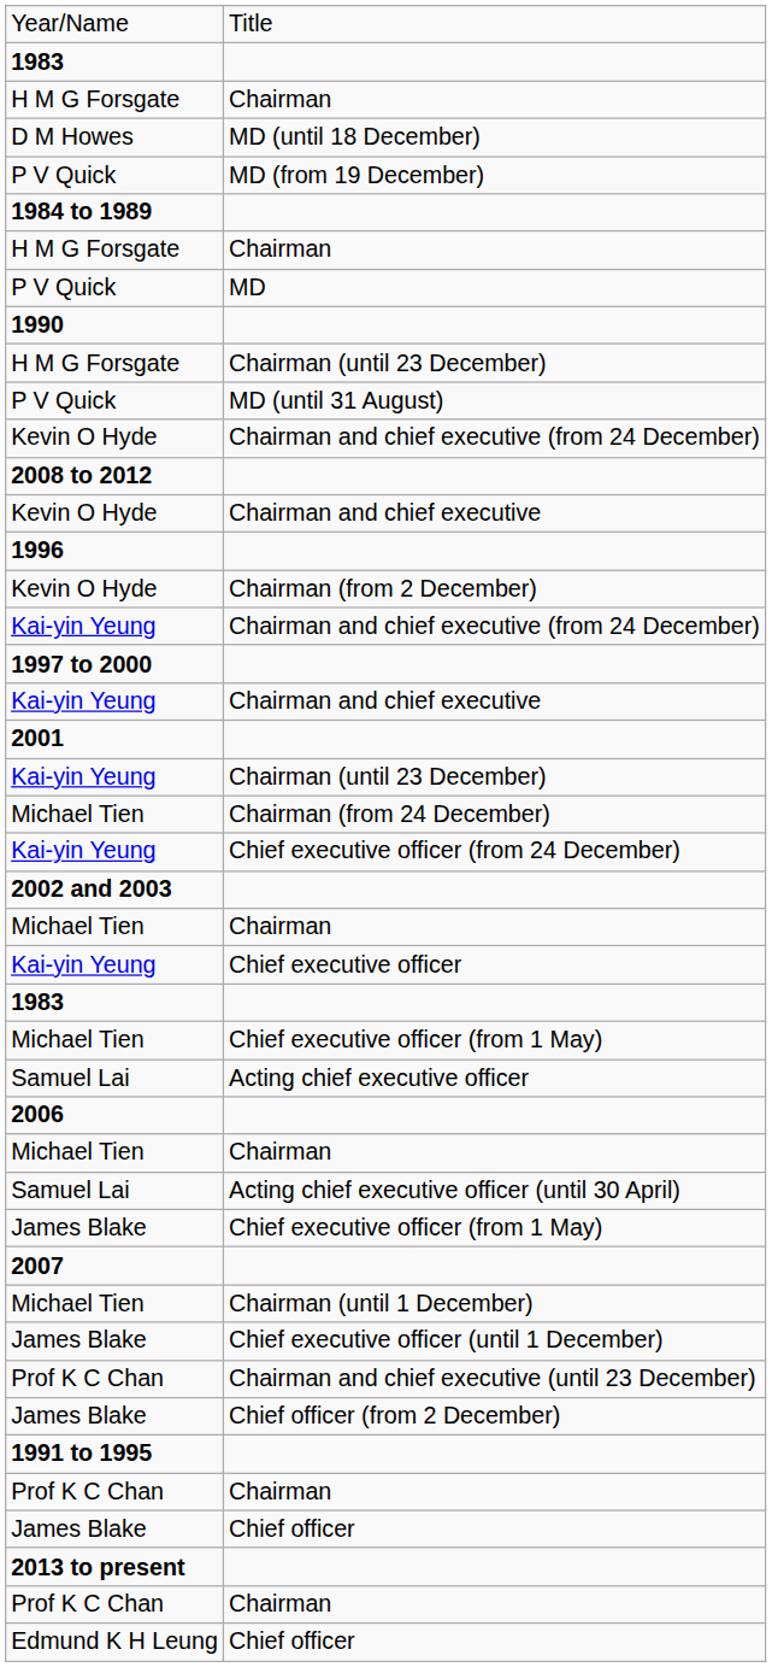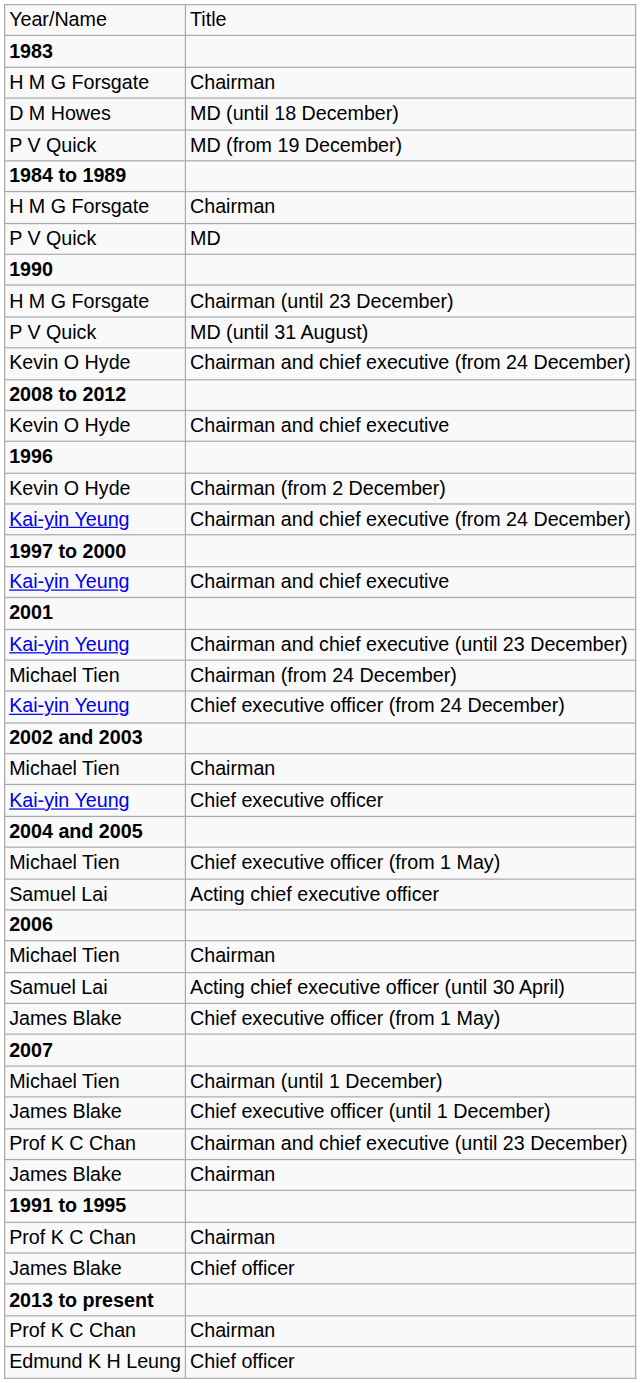 <table class="wikitable">
 <tr>
 <td>Year/Name</td>
 <td>Title</td>
 </tr>
 <tr>
 <td><strong>1983</strong></td>
 <td></td>
 </tr>
 <tr>
 <td>H M G Forsgate</td>
 <td>Chairman</td>
 </tr>
 <tr>
 <td>D M Howes</td>
 <td>MD (until 18 December)</td>
 </tr>
 <tr>
 <td>P V Quick</td>
 <td>MD (from 19 December)</td>
 </tr>
 <tr>
 <td><strong>1984 to 1989</strong></td>
 <td></td>
 </tr>
 <tr>
 <td>H M G Forsgate</td>
 <td>Chairman</td>
 </tr>
 <tr>
 <td>P V Quick</td>
 <td>MD</td>
 </tr>
 <tr>
 <td><strong>1990</strong></td>
 <td></td>
 </tr>
 <tr>
 <td>H M G Forsgate</td>
 <td>Chairman (until 23 December)</td>
 </tr>
 <tr>
 <td>P V Quick</td>
 <td>MD (until 31 August)</td>
 </tr>
 <tr>
 <td>Kevin O Hyde</td>
 <td>Chairman and chief executive (from 24 December)</td>
 </tr>
 <tr>
 <td><strong>2008 to 2012</strong></td>
 <td></td>
 </tr>
 <tr>
 <td>Kevin O Hyde</td>
 <td>Chairman and chief executive</td>
 </tr>
 <tr>
 <td><strong>1996</strong></td>
 <td></td>
 </tr>
 <tr>
 <td>Kevin O Hyde</td>
 <td>Chairman (from 2 December)</td>
 </tr>
 <tr>
 <td><a href='#'>Kai-yin Yeung</a></td>
 <td>Chairman and chief executive (from 24 December)</td>
 </tr>
 <tr>
 <td><strong>1997 to 2000</strong></td>
 <td></td>
 </tr>
 <tr>
 <td><a href='#'>Kai-yin Yeung</a></td>
 <td>Chairman and chief executive</td>
 </tr>
 <tr>
 <td><strong>2001</strong></td>
 <td></td>
 </tr>
 <tr>
 <td><a href='#'>Kai-yin Yeung</a></td>
-<td>Chairman (until 23 December)</td>
+<td>Chairman and chief executive (until 23 December)</td>
 </tr>
 <tr>
 <td>Michael Tien</td>
 <td>Chairman (from 24 December)</td>
 </tr>
 <tr>
 <td><a href='#'>Kai-yin Yeung</a></td>
 <td>Chief executive officer (from 24 December)</td>
 </tr>
 <tr>
 <td><strong>2002 and 2003</strong></td>
 <td></td>
 </tr>
 <tr>
 <td>Michael Tien</td>
 <td>Chairman</td>
 </tr>
 <tr>
 <td><a href='#'>Kai-yin Yeung</a></td>
 <td>Chief executive officer</td>
 </tr>
 <tr>
-<td><strong>1983</strong></td>
+<td><strong>2004 and 2005</strong></td>
 <td></td>
 </tr>
 <tr>
 <td>Michael Tien</td>
 <td>Chief executive officer (from 1 May)</td>
 </tr>
 <tr>
 <td>Samuel Lai</td>
 <td>Acting chief executive officer</td>
 </tr>
 <tr>
 <td><strong>2006</strong></td>
 <td></td>
 </tr>
 <tr>
 <td>Michael Tien</td>
 <td>Chairman</td>
 </tr>
 <tr>
 <td>Samuel Lai</td>
 <td>Acting chief executive officer (until 30 April)</td>
 </tr>
 <tr>
 <td>James Blake</td>
 <td>Chief executive officer (from 1 May)</td>
 </tr>
 <tr>
 <td><strong>2007</strong></td>
 <td></td>
 </tr>
 <tr>
 <td>Michael Tien</td>
 <td>Chairman (until 1 December)</td>
 </tr>
 <tr>
 <td>James Blake</td>
 <td>Chief executive officer (until 1 December)</td>
 </tr>
 <tr>
 <td>Prof K C Chan</td>
 <td>Chairman and chief executive (until 23 December)</td>
 </tr>
 <tr>
 <td>James Blake</td>
-<td>Chief officer (from 2 December)</td>
+<td>Chairman</td>
 </tr>
 <tr>
 <td><strong>1991 to 1995</strong></td>
 <td></td>
 </tr>
 <tr>
 <td>Prof K C Chan</td>
 <td>Chairman</td>
 </tr>
 <tr>
 <td>James Blake</td>
 <td>Chief officer</td>
 </tr>
 <tr>
 <td><strong>2013 to present</strong></td>
 <td></td>
 </tr>
 <tr>
 <td>Prof K C Chan</td>
 <td>Chairman</td>
 </tr>
 <tr>
 <td>Edmund K H Leung</td>
 <td>Chief officer</td>
 </tr>
 <tr>
 </tr>
 </table>
